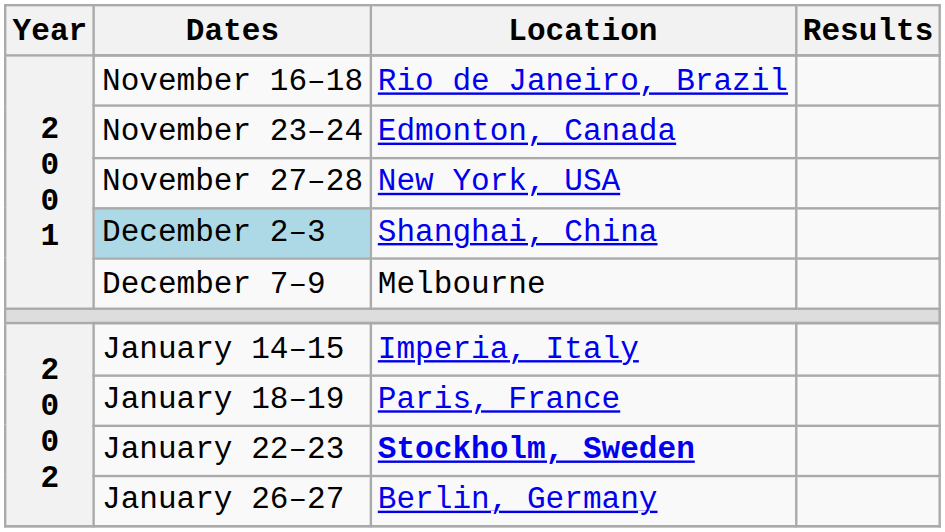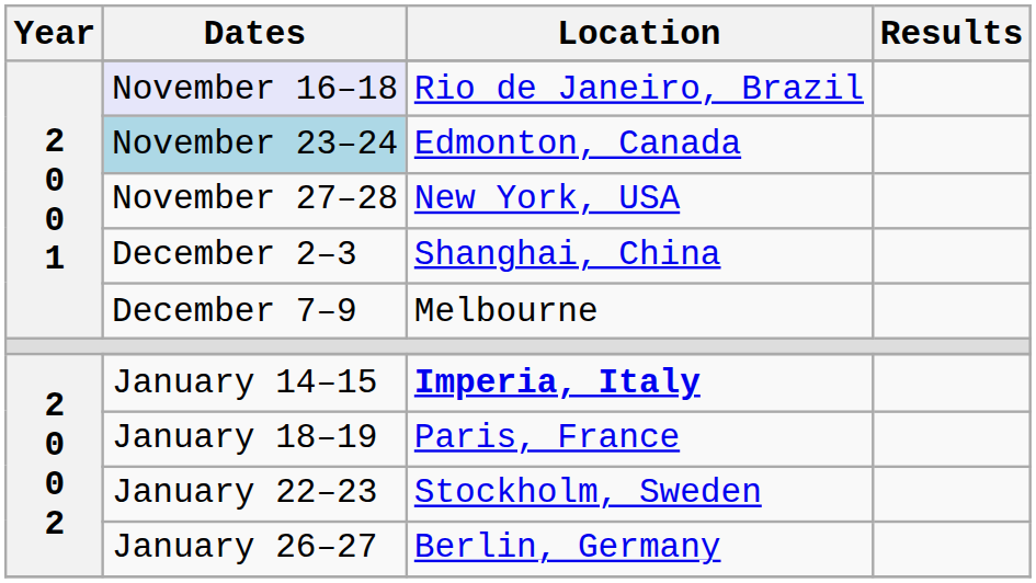 <table class=wikitable>
 <tr>
 <th>Year</th>
 <th>Dates</th>
 <th>Location</th>
 <th>Results</th>
 </tr>
 <tr>
 <th rowspan=6>2<br>0<br>0<br>1</th>
 </tr>
 <tr>
-<td>November 16–18</td>
+<td style="background: lavender;">November 16–18</td>
 <td> <a href='#'>Rio de Janeiro, Brazil</a></td>
 <td></td>
 </tr>
 <tr>
-<td>November 23–24</td>
+<td style="background: lightblue;">November 23–24</td>
 <td> <a href='#'>Edmonton, Canada</a></td>
 <td></td>
 </tr>
 <tr>
 <td>November 27–28</td>
 <td> <a href='#'>New York, USA</a></td>
 <td></td>
 </tr>
 <tr>
-<td style="background: lightblue;">December 2–3</td>
+<td>December 2–3</td>
 <td> <a href='#'>Shanghai, China</a></td>
 <td></td>
 </tr>
 <tr>
 <td>December 7–9</td>
 <td> Melbourne</td>
 <td></td>
 </tr>
 <tr bgcolor=#DDDDDD>
 <td colspan=4></td>
 </tr>
 <tr>
 <th rowspan=5>2<br>0<br>0<br>2</th>
 </tr>
 <tr>
 <td>January 14–15</td>
-<td> <a href='#'>Imperia, Italy</a></td>
+<td><strong> <a href='#'>Imperia, Italy</a></strong></td>
 <td></td>
 </tr>
 <tr>
 <td>January 18–19</td>
 <td> <a href='#'>Paris, France</a></td>
 <td></td>
 </tr>
 <tr>
 <td>January 22–23</td>
-<td><strong> <a href='#'>Stockholm, Sweden</a></strong></td>
+<td> <a href='#'>Stockholm, Sweden</a></td>
 <td></td>
 </tr>
 <tr>
 <td>January 26–27</td>
 <td> <a href='#'>Berlin, Germany</a></td>
 <td></td>
 </tr>
 <tr>
 </tr>
 </table>
